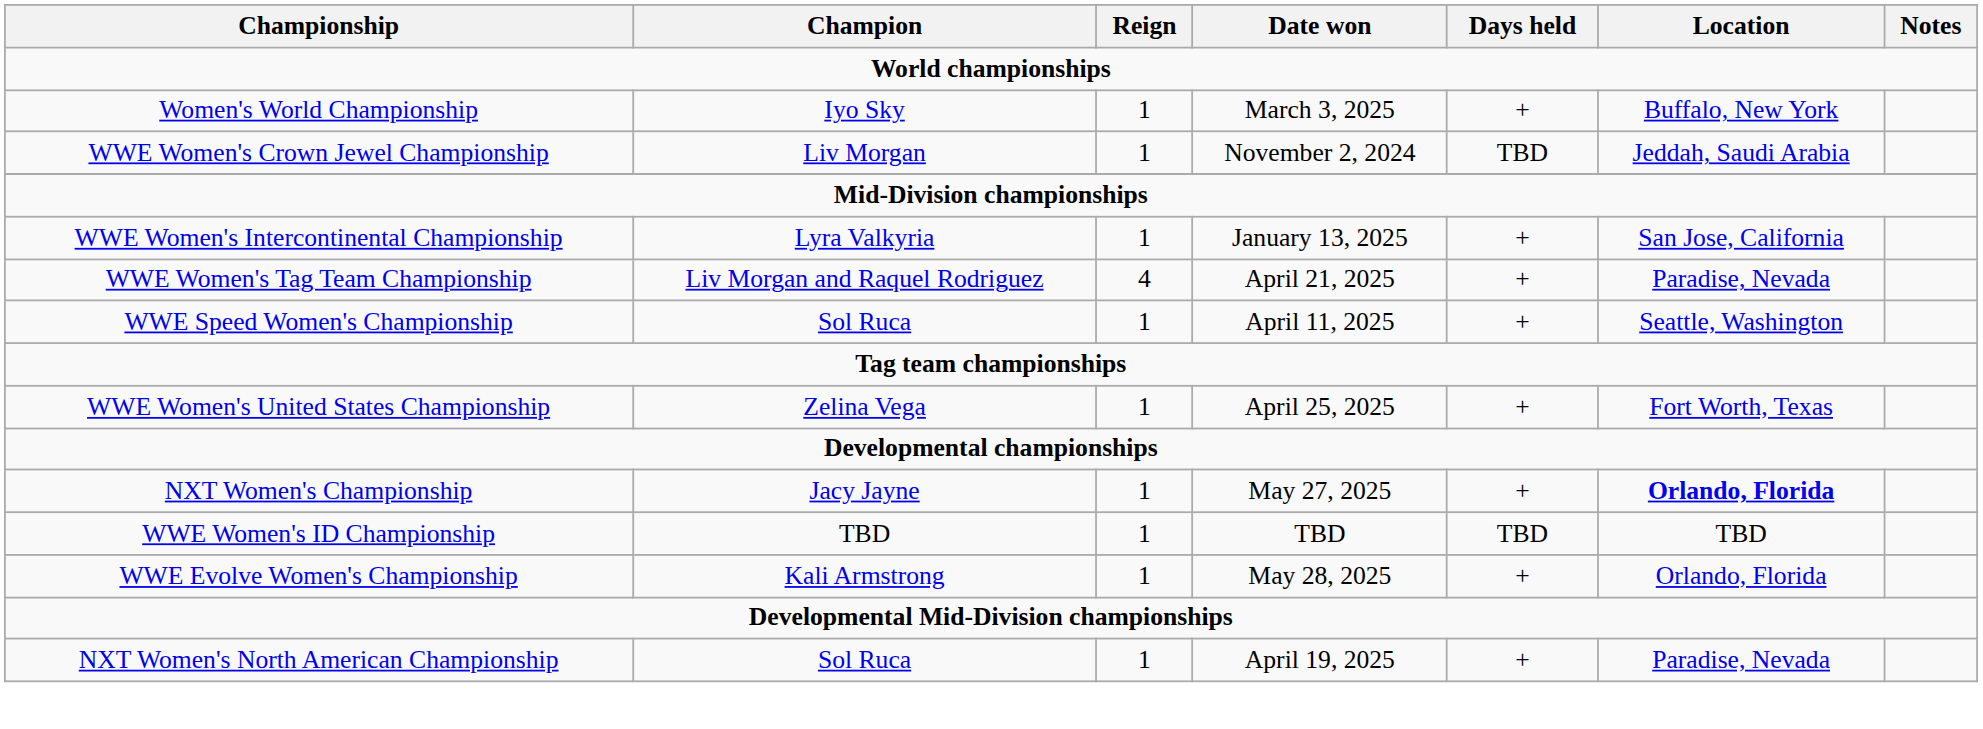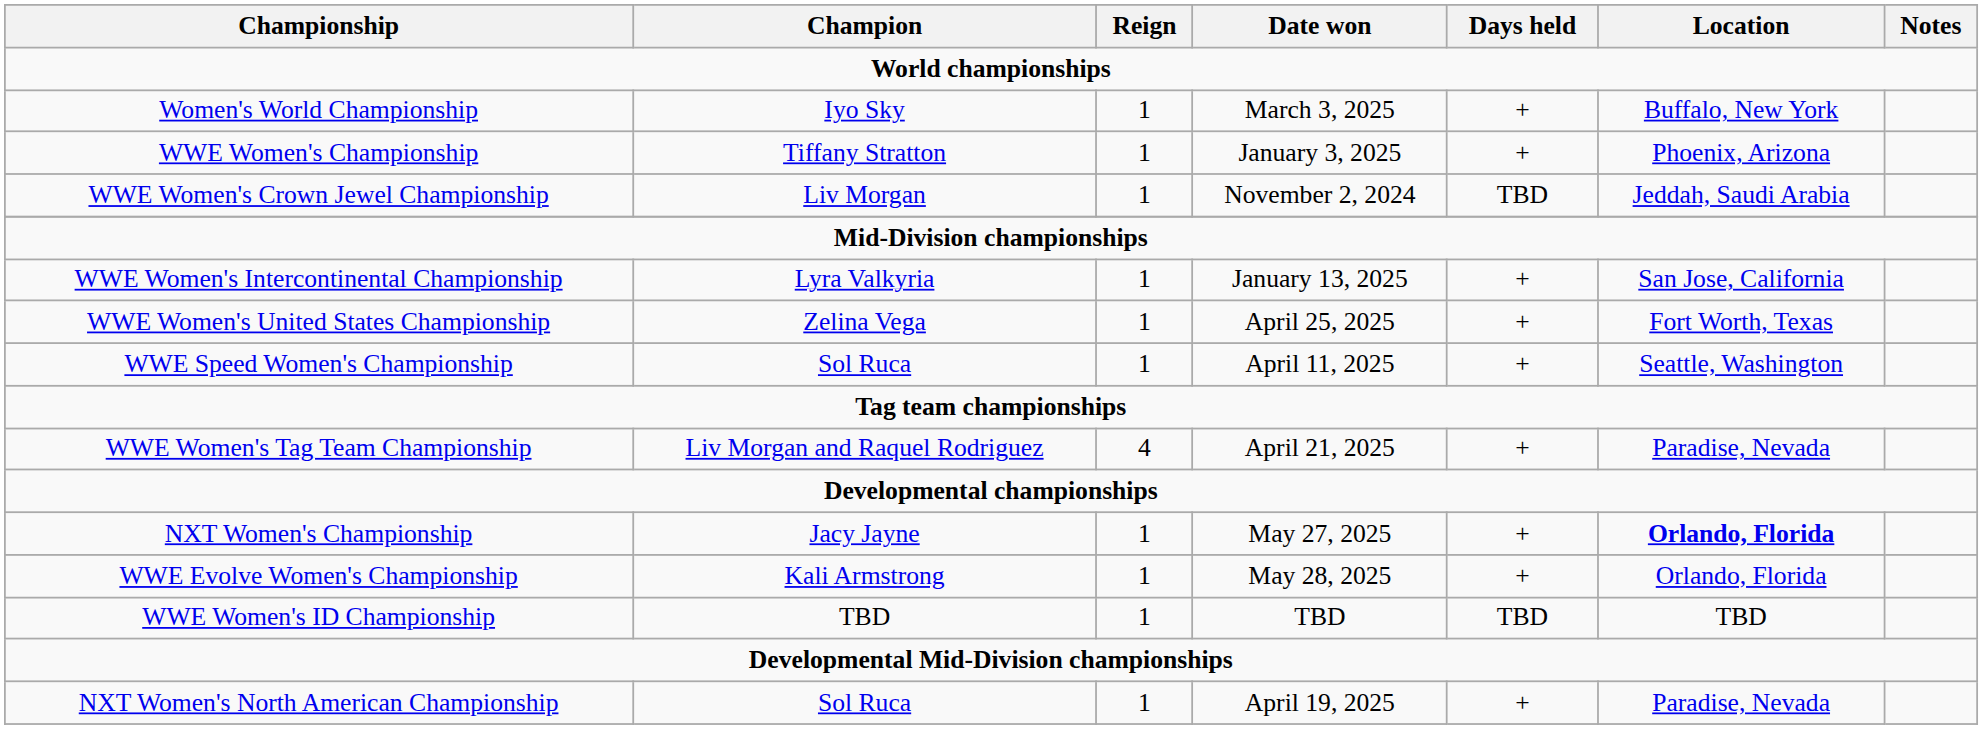 <table class="sortable wikitable" style="font-size:90%; text-align:center; width:70%;">
 <tr>
 <th>Championship</th>
 <th>Champion</th>
 <th>Reign</th>
 <th>Date won</th>
 <th>Days held</th>
 <th>Location</th>
 <th>Notes</th>
 </tr>
 <tr>
 <td colspan=7 style="text-align:center"><strong>World championships</strong></td>
 </tr>
 <tr>
 <td><a href='#'>Women's World Championship</a></td>
 <td><a href='#'>Iyo Sky</a></td>
 <td>1</td>
 <td>March 3, 2025</td>
 <td>+</td>
 <td><a href='#'>Buffalo, New York</a></td>
+<td style="text-align:left"></td>
+</tr>
+<tr>
+<td><a href='#'>WWE Women's Championship</a><br></td>
+<td><a href='#'>Tiffany Stratton</a></td>
+<td>1</td>
+<td>January 3, 2025</td>
+<td>+</td>
+<td><a href='#'>Phoenix, Arizona</a></td>
 <td style="text-align:left"></td>
 </tr>
 <tr>
 <td><a href='#'>WWE Women's Crown Jewel Championship</a></td>
 <td><a href='#'>Liv Morgan</a></td>
 <td>1</td>
 <td>November 2, 2024</td>
 <td>TBD</td>
 <td><a href='#'>Jeddah, Saudi Arabia</a></td>
 <td style="text-align:left"></td>
 </tr>
 <tr>
 </tr>
 <tr>
 <td colspan=7 style="text-align:center"><strong>Mid-Division championships</strong></td>
 </tr>
 <tr>
 <td><a href='#'>WWE Women's Intercontinental Championship</a></td>
 <td><a href='#'>Lyra Valkyria</a></td>
 <td>1</td>
 <td>January 13, 2025</td>
 <td>+</td>
 <td><a href='#'>San Jose, California</a></td>
 <td style="text-align:left"></td>
 </tr>
 <tr>
-<td><a href='#'>WWE Women's Tag Team Championship</a></td>
-<td><a href='#'>Liv Morgan and Raquel Rodriguez</a></td>
-<td>4<br></td>
-<td>April 21, 2025</td>
+<td><a href='#'>WWE Women's United States Championship</a></td>
+<td><a href='#'>Zelina Vega</a></td>
+<td>1</td>
+<td>April 25, 2025</td>
 <td>+</td>
-<td><a href='#'>Paradise, Nevada</a></td>
+<td><a href='#'>Fort Worth, Texas</a></td>
 <td style="text-align:left"></td>
 </tr>
 <tr>
 <td><a href='#'>WWE Speed Women's Championship</a></td>
 <td><a href='#'>Sol Ruca</a></td>
 <td>1</td>
 <td>April 11, 2025</td>
 <td>+</td>
 <td><a href='#'>Seattle, Washington</a></td>
 <td style="text-align:left"></td>
 </tr>
 <tr>
 <td colspan=7 style="text-align:center"><strong>Tag team championships</strong></td>
 </tr>
 <tr>
-<td><a href='#'>WWE Women's United States Championship</a></td>
-<td><a href='#'>Zelina Vega</a></td>
-<td>1</td>
-<td>April 25, 2025</td>
+<td><a href='#'>WWE Women's Tag Team Championship</a></td>
+<td><a href='#'>Liv Morgan and Raquel Rodriguez</a></td>
+<td>4<br></td>
+<td>April 21, 2025</td>
 <td>+</td>
-<td><a href='#'>Fort Worth, Texas</a></td>
+<td><a href='#'>Paradise, Nevada</a></td>
 <td style="text-align:left"></td>
 </tr>
 <tr>
 <td colspan=7 style="text-align:center"><strong>Developmental championships</strong></td>
 </tr>
 <tr>
 <td><a href='#'>NXT Women's Championship</a></td>
 <td><a href='#'>Jacy Jayne</a></td>
 <td>1</td>
 <td>May 27, 2025</td>
 <td>+</td>
 <td><strong><a href='#'>Orlando, Florida</a></strong></td>
 <td style="text-align:left"></td>
 </tr>
 <tr>
+<td><a href='#'>WWE Evolve Women's Championship</a></td>
+<td><a href='#'>Kali Armstrong</a></td>
+<td>1</td>
+<td>May 28, 2025</td>
+<td>+</td>
+<td><a href='#'>Orlando, Florida</a></td>
+<td style="text-align:left"></td>
+</tr>
+<tr>
 <td><a href='#'>WWE Women's ID Championship</a></td>
 <td>TBD</td>
 <td>1</td>
 <td>TBD</td>
 <td>TBD</td>
 <td>TBD</td>
-<td style="text-align:left"></td>
-</tr>
-<tr>
-<td><a href='#'>WWE Evolve Women's Championship</a></td>
-<td><a href='#'>Kali Armstrong</a></td>
-<td>1</td>
-<td>May 28, 2025</td>
-<td>+</td>
-<td><a href='#'>Orlando, Florida</a></td>
 <td style="text-align:left"></td>
 </tr>
 <tr>
 <td colspan=7 style="text-align:center"><strong>Developmental Mid-Division championships</strong></td>
 </tr>
 <tr>
 <td><a href='#'>NXT Women's North American Championship</a></td>
 <td><a href='#'>Sol Ruca</a></td>
 <td>1</td>
 <td>April 19, 2025</td>
 <td>+</td>
 <td><a href='#'>Paradise, Nevada</a></td>
 <td style="text-align:left"></td>
 </tr>
 </table>
